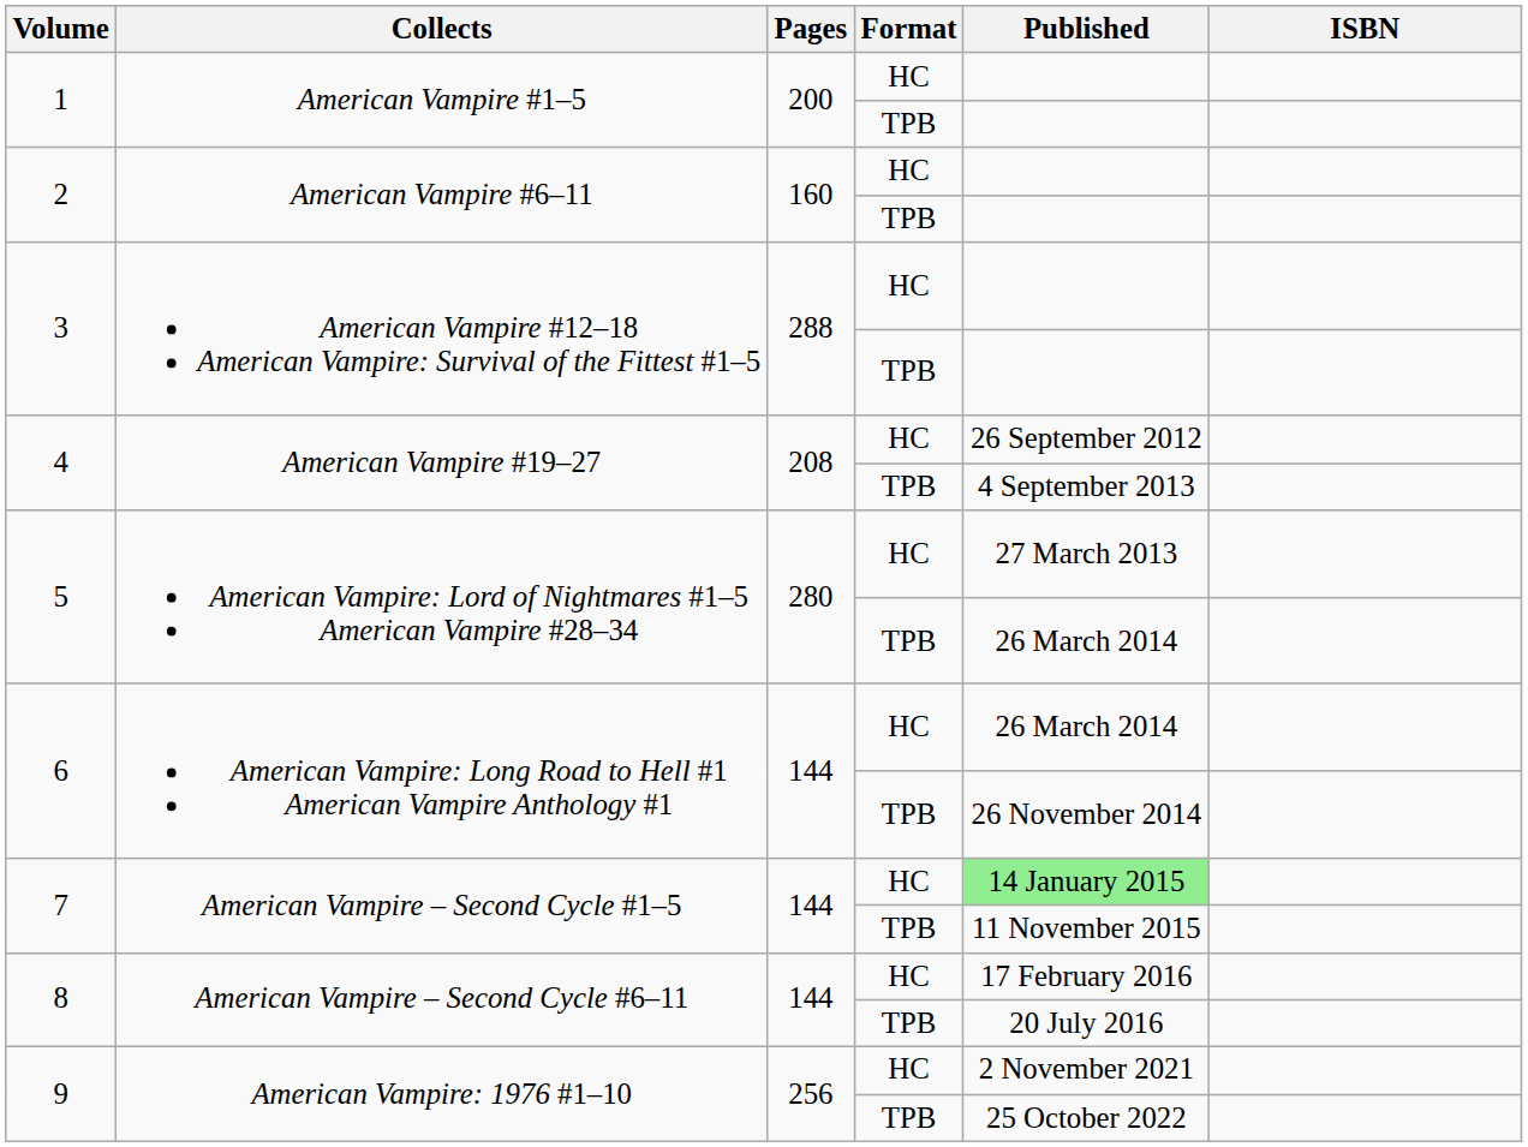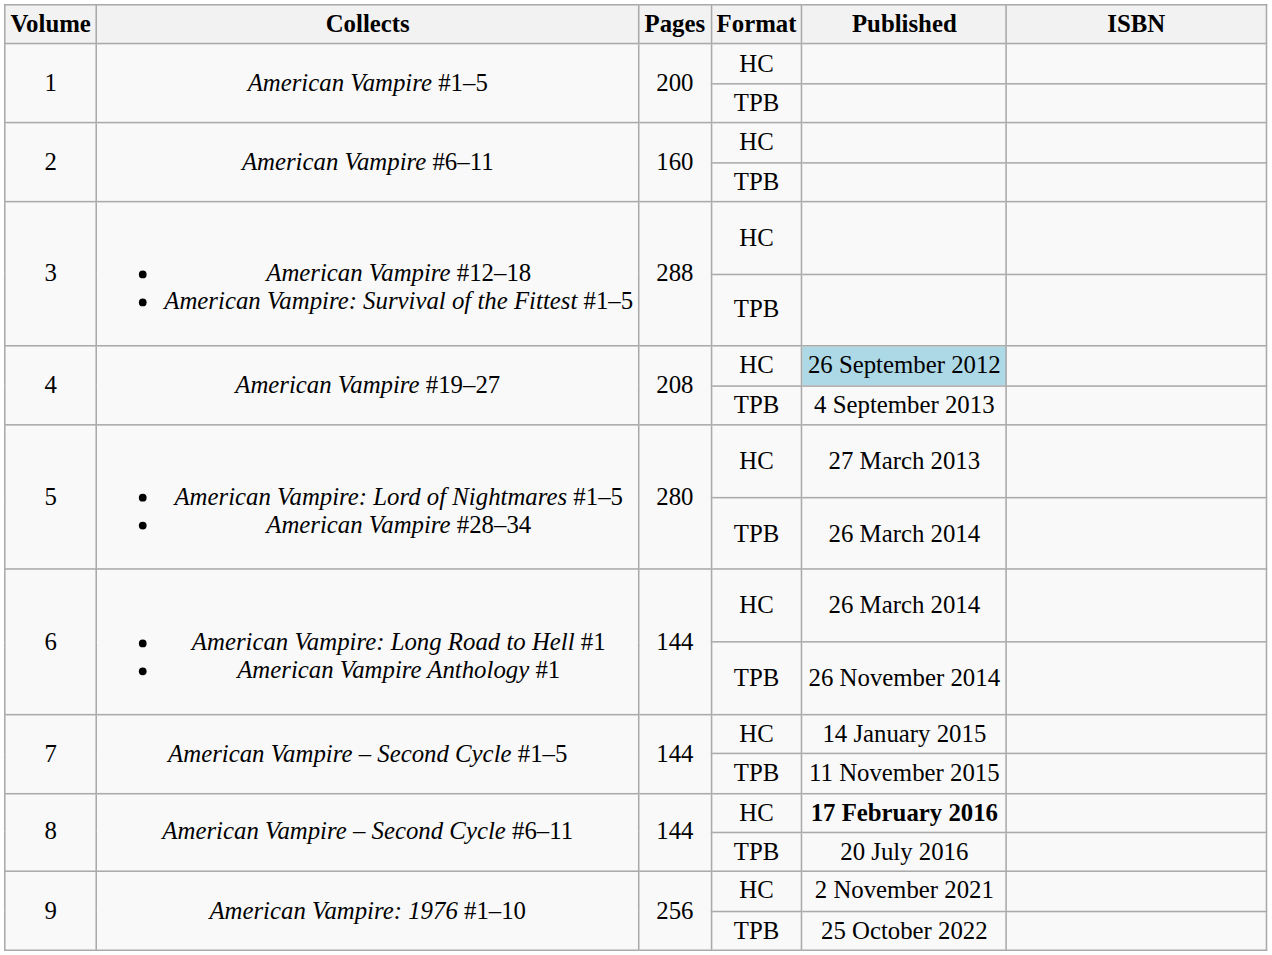 <table class="wikitable" style="text-align: center">
 <tr>
 <th>Volume</th>
 <th>Collects</th>
 <th>Pages</th>
 <th>Format</th>
 <th>Published</th>
 <th style="width: 10em;">ISBN</th>
 </tr>
 <tr>
 <td rowspan=2>1</td>
 <td rowspan=2><em>American Vampire</em> #1–5</td>
 <td rowspan=2>200</td>
 <td rowspan=1>HC</td>
 <td></td>
 <td></td>
 </tr>
 <tr>
 <td rowspan=1>TPB</td>
 <td></td>
 <td></td>
 </tr>
 <tr>
 <td rowspan=2>2</td>
 <td rowspan=2><em>American Vampire</em> #6–11</td>
 <td rowspan=2>160</td>
 <td rowspan=1>HC</td>
 <td></td>
 <td></td>
 </tr>
 <tr>
 <td rowspan=1>TPB</td>
 <td></td>
 <td></td>
 </tr>
 <tr>
 <td rowspan=2>3</td>
 <td rowspan=2><br><ul><li><em>American Vampire</em> #12–18</li><li><em>American Vampire: Survival of the Fittest</em> #1–5</li></ul></td>
 <td rowspan=2>288</td>
 <td rowspan=1>HC</td>
 <td></td>
 <td></td>
 </tr>
 <tr>
 <td rowspan=1>TPB</td>
 <td></td>
 <td></td>
 </tr>
 <tr>
 <td rowspan=2>4</td>
 <td rowspan=2><em>American Vampire</em> #19–27</td>
 <td rowspan=2>208</td>
 <td rowspan=1>HC</td>
-<td>26 September 2012</td>
+<td style="background: lightblue;">26 September 2012</td>
 <td></td>
 </tr>
 <tr>
 <td rowspan=1>TPB</td>
 <td>4 September 2013</td>
 <td></td>
 </tr>
 <tr>
 <td rowspan=2>5</td>
 <td rowspan=2><br><ul><li><em>American Vampire: Lord of Nightmares</em> #1–5</li><li><em>American Vampire</em> #28–34</li></ul></td>
 <td rowspan=2>280</td>
 <td rowspan=1>HC</td>
 <td>27 March 2013</td>
 <td></td>
 </tr>
 <tr>
 <td rowspan=1>TPB</td>
 <td>26 March 2014</td>
 <td></td>
 </tr>
 <tr>
 <td rowspan=2>6</td>
 <td rowspan=2><br><ul><li><em>American Vampire: Long Road to Hell</em> #1</li><li><em>American Vampire Anthology</em> #1</li></ul></td>
 <td rowspan=2>144</td>
 <td rowspan=1>HC</td>
 <td>26 March 2014</td>
 <td></td>
 </tr>
 <tr>
 <td rowspan=1>TPB</td>
 <td>26 November 2014</td>
 <td></td>
 </tr>
 <tr>
 <td rowspan=2>7</td>
 <td rowspan=2><em>American Vampire – Second Cycle</em> #1–5</td>
 <td rowspan=2>144</td>
 <td rowspan=1>HC</td>
-<td style="background: lightgreen;">14 January 2015</td>
+<td>14 January 2015</td>
 <td></td>
 </tr>
 <tr>
 <td rowspan=1>TPB</td>
 <td>11 November 2015</td>
 <td></td>
 </tr>
 <tr>
 <td rowspan=2>8</td>
 <td rowspan=2><em>American Vampire – Second Cycle</em> #6–11</td>
 <td rowspan=2>144</td>
 <td rowspan=1>HC</td>
-<td>17 February 2016</td>
+<td><strong>17 February 2016</strong></td>
 <td></td>
 </tr>
 <tr>
 <td rowspan=1>TPB</td>
 <td>20 July 2016</td>
 <td></td>
 </tr>
 <tr>
 <td rowspan=2>9</td>
 <td rowspan=2><em>American Vampire: 1976</em> #1–10</td>
 <td rowspan=2>256</td>
 <td rowspan=1>HC</td>
 <td>2 November 2021</td>
 <td></td>
 </tr>
 <tr>
 <td rowspan=1>TPB</td>
 <td>25 October 2022</td>
 <td></td>
 </tr>
 </table>
